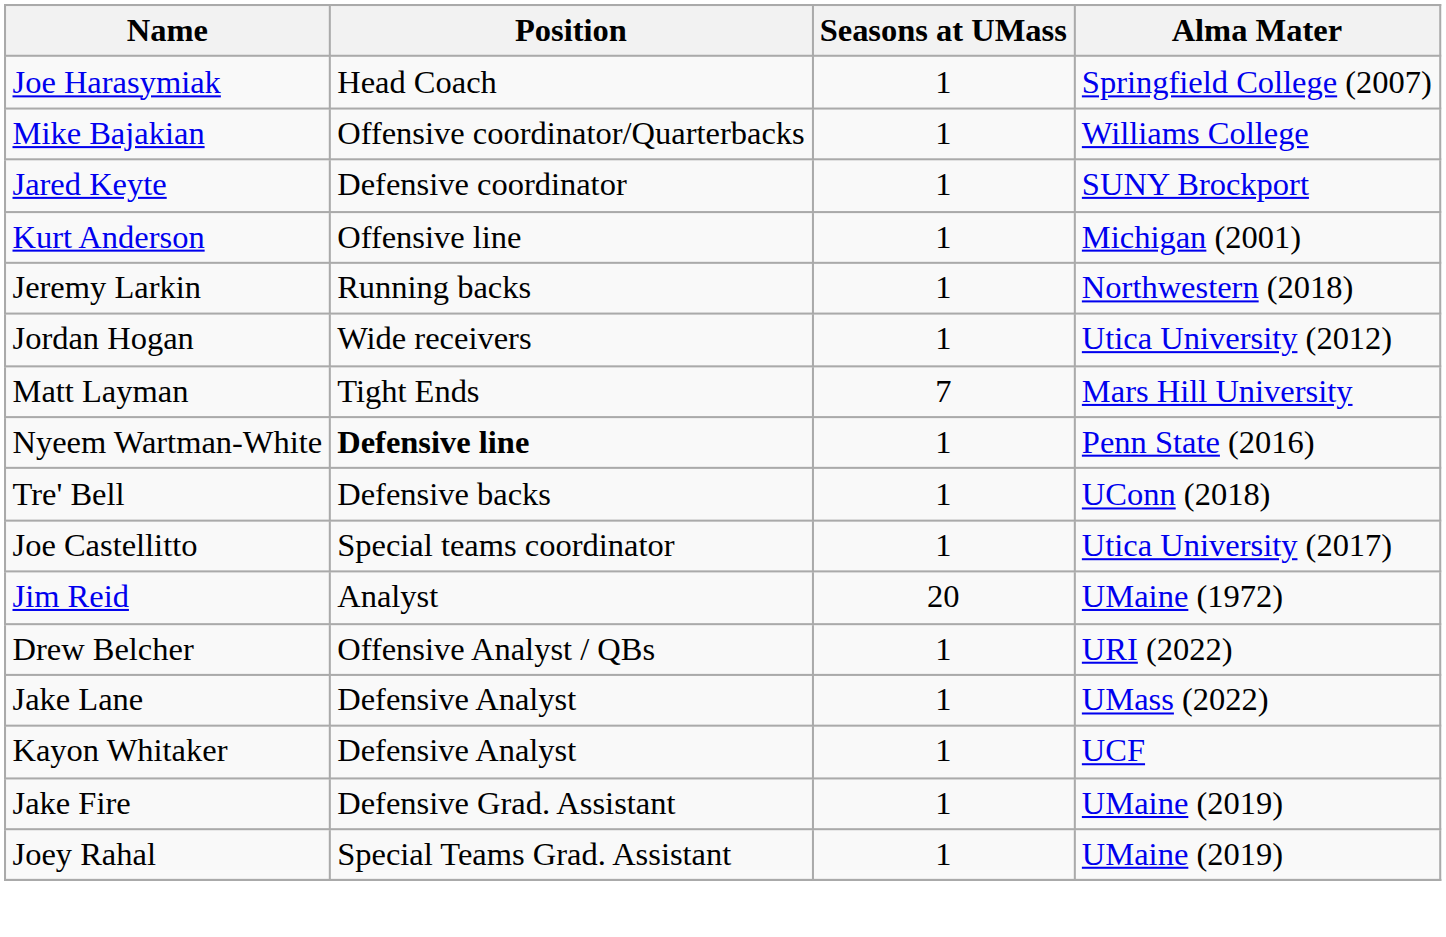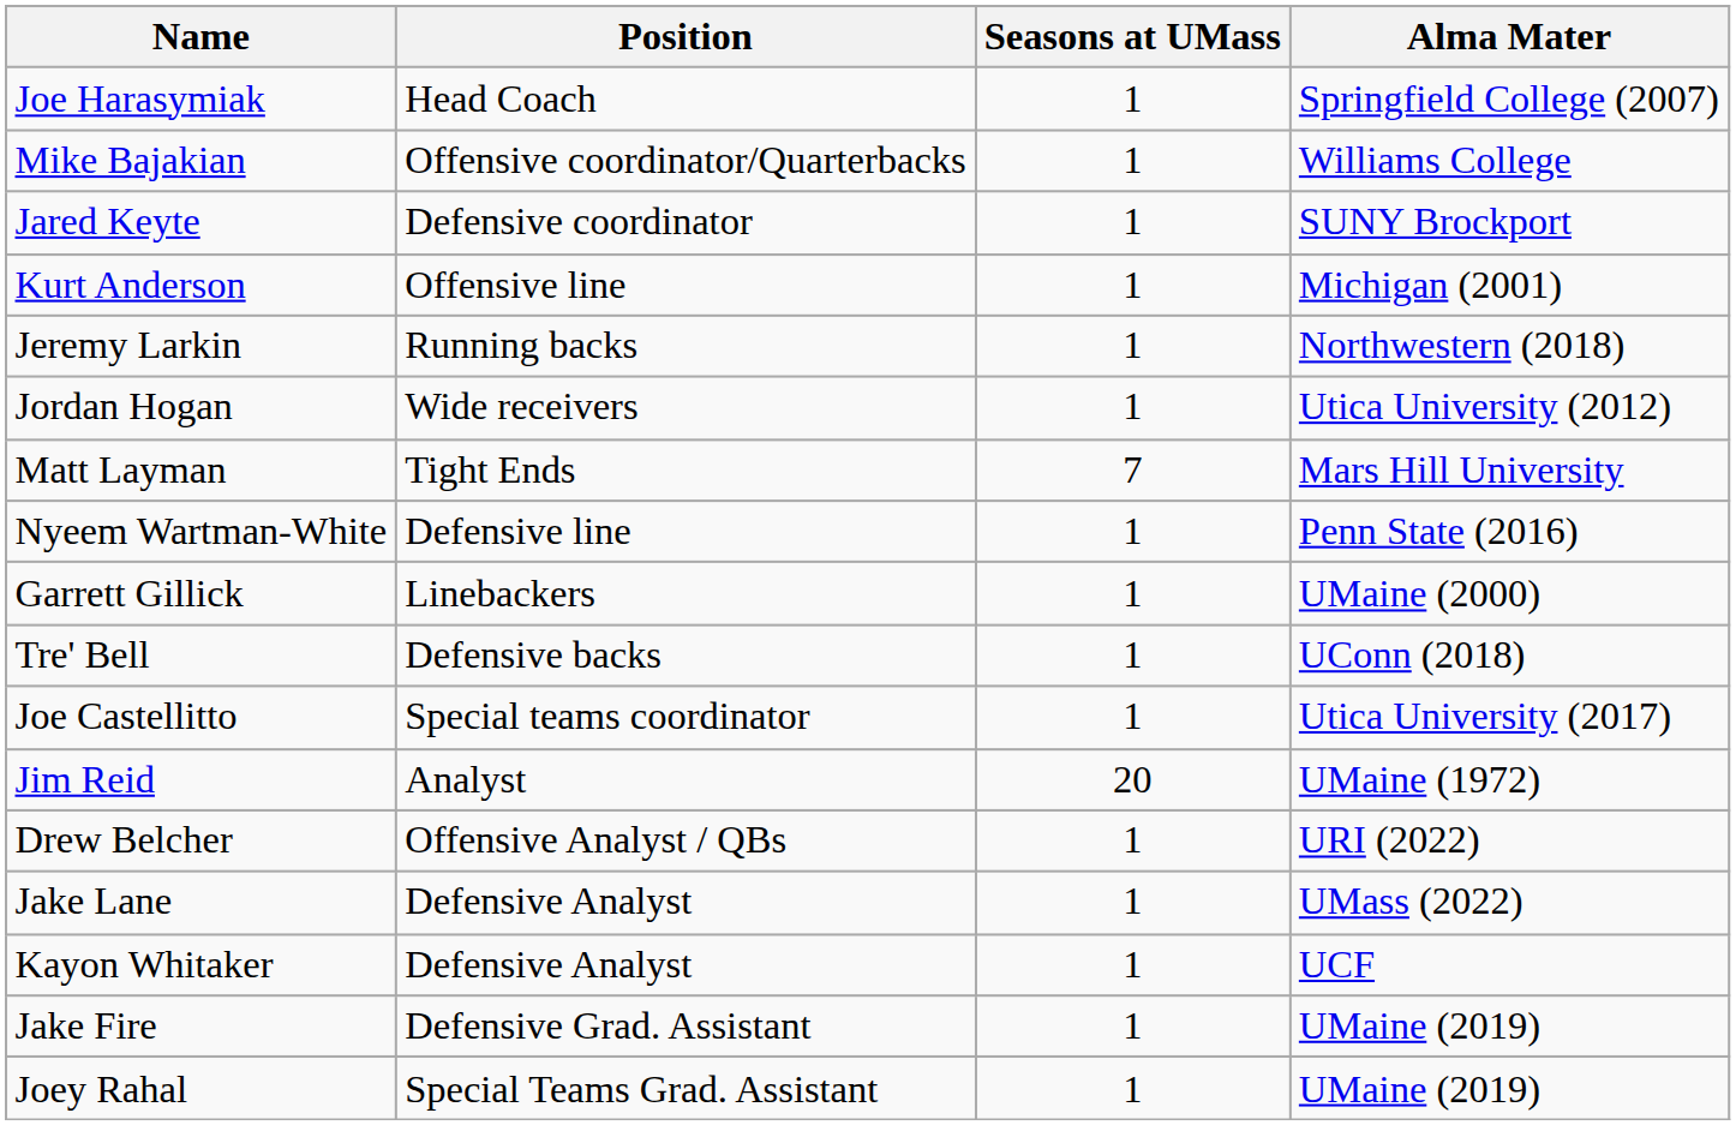 <table class="wikitable">
 <tr>
 <th>Name</th>
 <th>Position</th>
 <th>Seasons at UMass</th>
 <th>Alma Mater</th>
 </tr>
 <tr>
 <td><a href='#'>Joe Harasymiak</a></td>
 <td>Head Coach</td>
 <td align=center>1</td>
 <td><a href='#'>Springfield College</a> (2007)</td>
 </tr>
 <tr>
 <td><a href='#'>Mike Bajakian</a></td>
 <td>Offensive coordinator/Quarterbacks</td>
 <td align=center>1</td>
 <td><a href='#'>Williams College</a></td>
 </tr>
 <tr>
 <td><a href='#'>Jared Keyte</a></td>
 <td>Defensive coordinator</td>
 <td align=center>1</td>
 <td><a href='#'>SUNY Brockport</a></td>
 </tr>
 <tr>
 <td><a href='#'>Kurt Anderson</a></td>
 <td>Offensive line</td>
 <td align=center>1</td>
 <td><a href='#'>Michigan</a> (2001)</td>
 </tr>
 <tr>
 <td>Jeremy Larkin</td>
 <td>Running backs</td>
 <td align=center>1</td>
 <td><a href='#'>Northwestern</a> (2018)</td>
 </tr>
 <tr>
 <td>Jordan Hogan</td>
 <td>Wide receivers</td>
 <td align=center>1</td>
 <td><a href='#'>Utica University</a> (2012)</td>
 </tr>
 <tr>
 <td>Matt Layman</td>
 <td>Tight Ends</td>
 <td align=center>7</td>
 <td><a href='#'>Mars Hill University</a></td>
 </tr>
 <tr>
 <td>Nyeem Wartman-White</td>
-<td><strong>Defensive line</strong></td>
+<td>Defensive line</td>
 <td align=center>1</td>
 <td><a href='#'>Penn State</a> (2016)</td>
+</tr>
+<tr>
+<td>Garrett Gillick</td>
+<td>Linebackers</td>
+<td align=center>1</td>
+<td><a href='#'>UMaine</a> (2000)</td>
 </tr>
 <tr>
 <td>Tre' Bell</td>
 <td>Defensive backs</td>
 <td align=center>1</td>
 <td><a href='#'>UConn</a> (2018)</td>
 </tr>
 <tr>
 <td>Joe Castellitto</td>
 <td>Special teams coordinator</td>
 <td align=center>1</td>
 <td><a href='#'>Utica University</a> (2017)</td>
 </tr>
 <tr>
 <td><a href='#'>Jim Reid</a></td>
 <td>Analyst</td>
 <td align=center>20</td>
 <td><a href='#'>UMaine</a> (1972)</td>
 </tr>
 <tr>
 <td>Drew Belcher</td>
 <td>Offensive Analyst / QBs</td>
 <td align=center>1</td>
 <td><a href='#'>URI</a> (2022)</td>
 </tr>
 <tr>
 <td>Jake Lane</td>
 <td>Defensive Analyst</td>
 <td align=center>1</td>
 <td><a href='#'>UMass</a> (2022)</td>
 </tr>
 <tr>
 <td>Kayon Whitaker</td>
 <td>Defensive Analyst</td>
 <td align=center>1</td>
 <td><a href='#'>UCF</a></td>
 </tr>
 <tr>
 <td>Jake Fire</td>
 <td>Defensive Grad. Assistant</td>
 <td align=center>1</td>
 <td><a href='#'>UMaine</a> (2019)</td>
 </tr>
 <tr>
 <td>Joey Rahal</td>
 <td>Special Teams Grad. Assistant</td>
 <td align=center>1</td>
 <td><a href='#'>UMaine</a> (2019)</td>
 </tr>
 <tr>
 </tr>
 </table>
